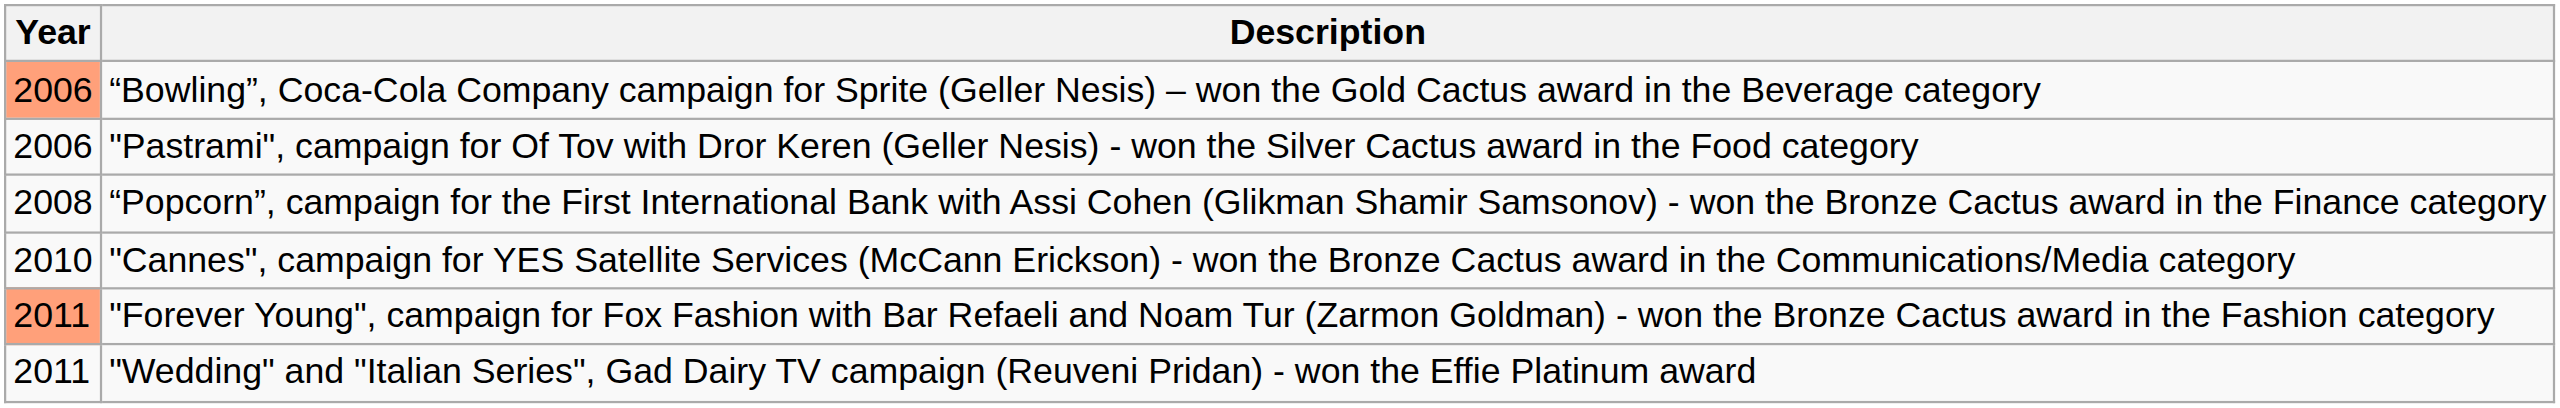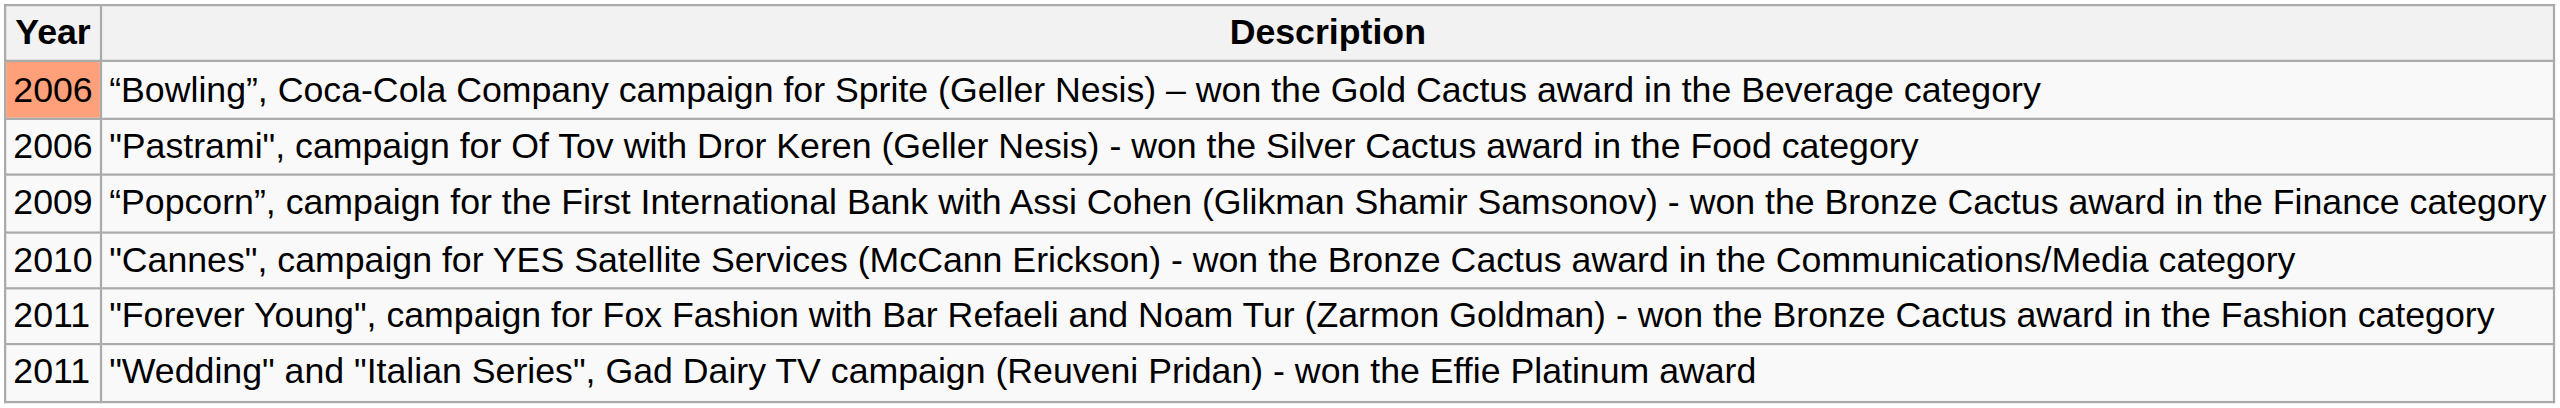 <table class="wikitable">
 <tr>
 <th>Year</th>
 <th>Description</th>
 </tr>
 <tr>
 <td style="background: lightsalmon;">2006</td>
 <td>“Bowling”, Coca-Cola Company campaign for Sprite (Geller Nesis) – won the Gold Cactus award in the Beverage category</td>
 </tr>
 <tr>
 <td>2006</td>
 <td>"Pastrami", campaign for Of Tov with Dror Keren (Geller Nesis) - won the Silver Cactus award in the Food category</td>
 </tr>
 <tr>
-<td>2008</td>
+<td>2009</td>
 <td>“Popcorn”, campaign for the First International Bank with Assi Cohen (Glikman Shamir Samsonov) - won the Bronze Cactus award in the Finance category</td>
 </tr>
 <tr>
 <td>2010</td>
 <td>"Cannes", campaign for YES Satellite Services (McCann Erickson) - won the Bronze Cactus award in the Communications/Media category</td>
 </tr>
 <tr>
-<td style="background: lightsalmon;">2011</td>
+<td>2011</td>
 <td>"Forever Young", campaign for Fox Fashion with Bar Refaeli and Noam Tur (Zarmon Goldman) - won the Bronze Cactus award in the Fashion category</td>
 </tr>
 <tr>
 <td>2011</td>
 <td>"Wedding" and "Italian Series", Gad Dairy TV campaign (Reuveni Pridan) - won the Effie Platinum award</td>
 </tr>
 </table>
